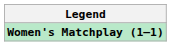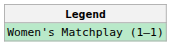 <table class="wikitable">
 <tr>
 <th>Legend</th>
 </tr>
 <tr style="background:#B9E9C9;">
-<td><strong>Women's Matchplay (1–1)</strong></td>
+<td>Women's Matchplay (1–1)</td>
 </tr>
 </table>
